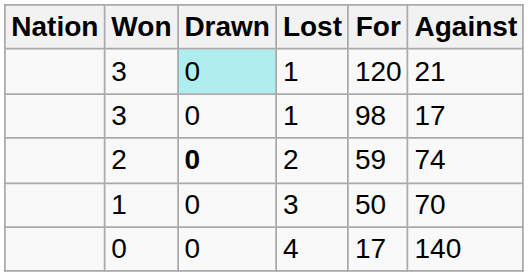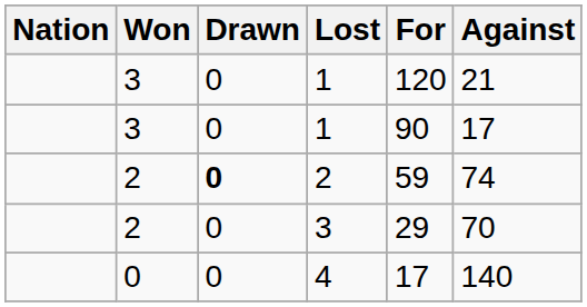 <table class="wikitable">
 <tr>
 <th>Nation</th>
 <th>Won</th>
 <th>Drawn</th>
 <th>Lost</th>
 <th>For</th>
 <th>Against</th>
 </tr>
 <tr>
 <td></td>
 <td>3</td>
-<td style="background: paleturquoise;">0</td>
+<td>0</td>
 <td>1</td>
 <td>120</td>
 <td>21</td>
 </tr>
 <tr>
 <td></td>
 <td>3</td>
 <td>0</td>
 <td>1</td>
-<td>98</td>
+<td>90</td>
 <td>17</td>
 </tr>
 <tr>
 <td></td>
 <td>2</td>
 <td><strong>0</strong></td>
 <td>2</td>
 <td>59</td>
 <td>74</td>
 </tr>
 <tr>
 <td></td>
-<td>1</td>
+<td>2</td>
 <td>0</td>
 <td>3</td>
-<td>50</td>
+<td>29</td>
 <td>70</td>
 </tr>
 <tr>
 <td></td>
 <td>0</td>
 <td>0</td>
 <td>4</td>
 <td>17</td>
 <td>140</td>
 </tr>
 </table>
